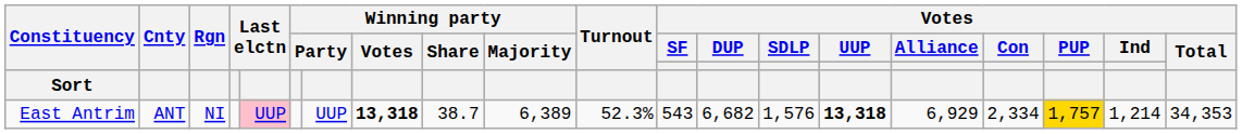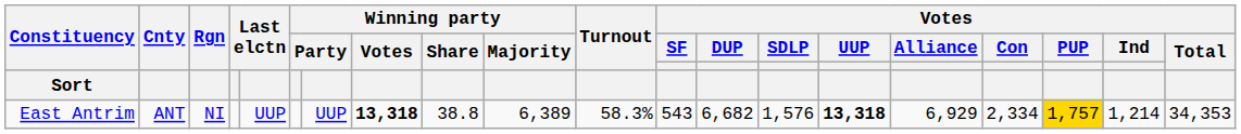 <table class="wikitable sortable" style="text-align:right; font-size:80%">
 <tr>
 <th rowspan="3" scope="col" style="text-align:left;"><a href='#'>Constituency</a></th>
 <th rowspan="3" scope="col"><a href='#'>Cnty</a></th>
 <th rowspan="3" scope="col"><a href='#'>Rgn</a></th>
 <th colspan="2" rowspan="3" scope="col">Last<br>elctn</th>
 <th colspan="5" scope="col">Winning party</th>
 <th rowspan="3" scope="col">Turnout</th>
 <th colspan="9">Votes</th>
 </tr>
 <tr>
 <th colspan="2" rowspan="2" scope="col">Party</th>
 <th rowspan="2" scope="col">Votes</th>
 <th rowspan="2" scope="col">Share</th>
 <th rowspan="2" scope="col">Majority</th>
 <th scope="col"><a href='#'>SF</a></th>
 <th scope="col"><a href='#'>DUP</a></th>
 <th scope="col"><a href='#'>SDLP</a></th>
 <th scope="col"><a href='#'>UUP</a></th>
 <th><a href='#'>Alliance</a></th>
 <th><a href='#'>Con</a></th>
 <th><a href='#'>PUP</a></th>
 <th scope="col">Ind</th>
 <th rowspan="2" scope="col">Total</th>
 </tr>
 <tr>
 <th scope="col" style="background:"></th>
 <th scope="col" style="background:"></th>
 <th scope="col" style="background:"></th>
 <th scope="col" style="background:"></th>
 <th scope="col" style="background:"></th>
 <th scope="col" style="background:"></th>
 <th></th>
 <th></th>
 </tr>
 <tr>
 <th>Sort</th>
 <th></th>
 <th></th>
 <th class="unsortable" scope="col"></th>
 <th></th>
 <th class="unsortable" scope="col"></th>
 <th></th>
 <th></th>
 <th></th>
 <th></th>
 <th></th>
 <th></th>
 <th></th>
 <th></th>
 <th></th>
 <th></th>
 <th></th>
 <th></th>
 <th></th>
 <th></th>
 </tr>
 <tr>
 <td><a href='#'>East Antrim</a></td>
 <td><a href='#'>ANT</a></td>
 <td><a href='#'>NI</a></td>
 <td style="background:"></td>
-<td style="background: pink;"><a href='#'>UUP</a></td>
+<td><a href='#'>UUP</a></td>
 <td style="background:"></td>
 <td><a href='#'>UUP</a></td>
 <td><strong>13,318</strong></td>
-<td>38.7</td>
+<td>38.8</td>
 <td>6,389</td>
-<td>52.3%</td>
+<td>58.3%</td>
 <td>543</td>
 <td>6,682</td>
 <td>1,576</td>
 <td><strong>13,318</strong></td>
 <td>6,929</td>
 <td>2,334</td>
 <td style="background: gold;">1,757</td>
 <td>1,214</td>
 <td>34,353</td>
 </tr>
 </table>
